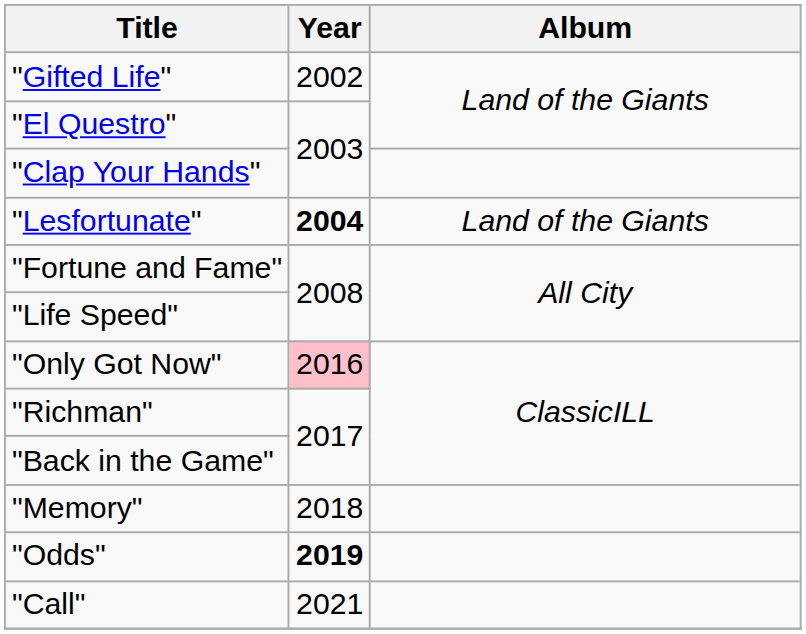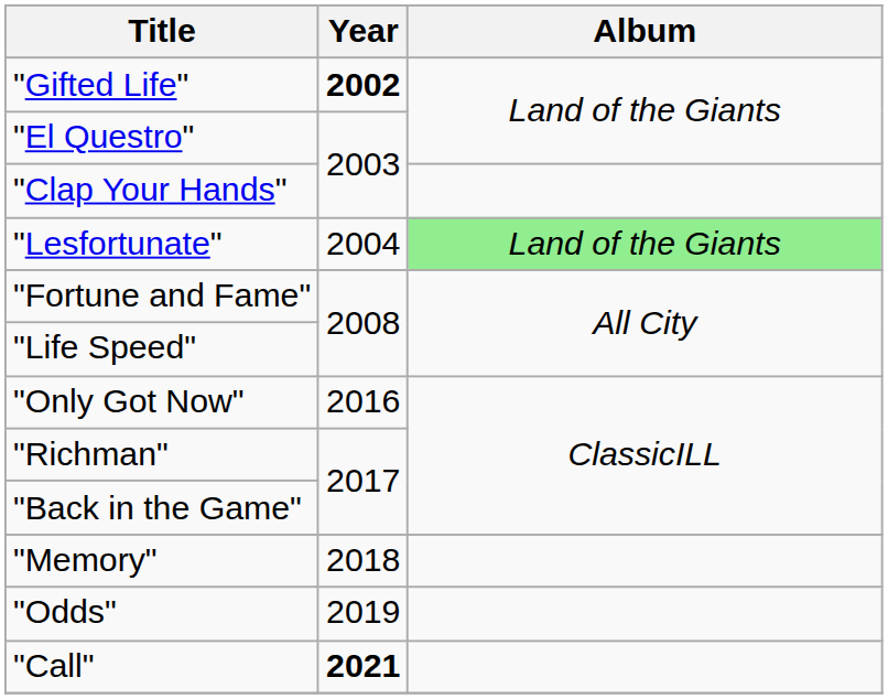 <table class="wikitable" style="text-align:center;">
 <tr>
 <th scope="col">Title</th>
 <th scope="col">Year</th>
 <th scope="col" width="220">Album</th>
 </tr>
 <tr>
 <td align="left">"<a href='#'>Gifted Life</a>"</td>
-<td>2002</td>
+<td><strong>2002</strong></td>
 <td rowspan="2"><em>Land of the Giants</em></td>
 </tr>
 <tr>
 <td align="left">"<a href='#'>El Questro</a>"</td>
 <td rowspan="2">2003</td>
 </tr>
 <tr>
 <td align="left">"<a href='#'>Clap Your Hands</a>"</td>
 <td></td>
 </tr>
 <tr>
 <td align="left">"<a href='#'>Lesfortunate</a>"</td>
-<td><strong>2004</strong></td>
-<td><em>Land of the Giants</em></td>
+<td>2004</td>
+<td style="background: lightgreen;"><em>Land of the Giants</em></td>
 </tr>
 <tr>
 <td align="left">"Fortune and Fame"</td>
 <td rowspan="2">2008</td>
 <td rowspan="2"><em>All City</em></td>
 </tr>
 <tr>
 <td align="left">"Life Speed"</td>
 </tr>
 <tr>
 <td align="left">"Only Got Now" </td>
-<td style="background: pink;">2016</td>
+<td>2016</td>
 <td rowspan="3"><em>ClassicILL</em></td>
 </tr>
 <tr>
 <td align="left">"Richman"</td>
 <td rowspan="2">2017</td>
 </tr>
 <tr>
 <td align="left">"Back in the Game" </td>
 </tr>
 <tr>
 <td align="left">"Memory" </td>
 <td>2018</td>
 <td></td>
 </tr>
 <tr>
 <td align="left">"Odds" </td>
-<td><strong>2019</strong></td>
+<td>2019</td>
 <td></td>
 </tr>
 <tr>
 <td align="left">"Call" </td>
-<td>2021</td>
+<td><strong>2021</strong></td>
 <td></td>
 </tr>
 <tr>
 </tr>
 </table>
